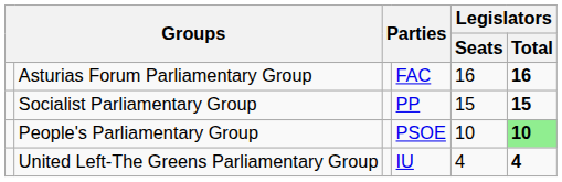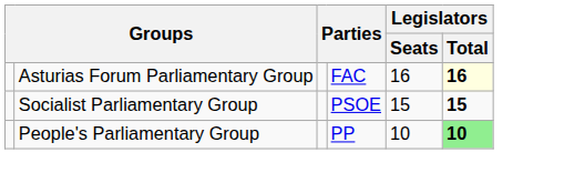 <table class="wikitable" style="text-align:left;">
 <tr>
 <th colspan="2" rowspan="2">Groups</th>
 <th colspan="2" rowspan="2">Parties</th>
 <th colspan="2">Legislators</th>
 </tr>
 <tr>
 <th>Seats</th>
 <th>Total</th>
 </tr>
 <tr>
 <td></td>
 <td>Asturias Forum Parliamentary Group</td>
 <td></td>
 <td align="left"><a href='#'>FAC</a></td>
 <td>16</td>
-<td><strong>16</strong></td>
+<td style="background: lightyellow;"><strong>16</strong></td>
 </tr>
 <tr>
 <td width="1" style="color:inherit;background:"></td>
 <td>Socialist Parliamentary Group</td>
 <td width="1" style="color:inherit;background:"></td>
-<td align="left"><a href='#'>PP</a></td>
+<td align="left"><a href='#'>PSOE</a></td>
 <td>15</td>
 <td><strong>15</strong></td>
 </tr>
 <tr>
 <td style="color:inherit;background:"></td>
 <td>People's Parliamentary Group</td>
 <td style="color:inherit;background:"></td>
-<td align="left"><a href='#'>PSOE</a></td>
+<td align="left"><a href='#'>PP</a></td>
 <td>10</td>
 <td style="background: lightgreen;"><strong>10</strong></td>
 </tr>
-<tr>
-<td style="color:inherit;background:"></td>
-<td>United Left-The Greens Parliamentary Group</td>
-<td style="color:inherit;background:"></td>
-<td align="left"><a href='#'>IU</a></td>
-<td>4</td>
-<td><strong>4</strong></td>
-</tr>
 </table>
